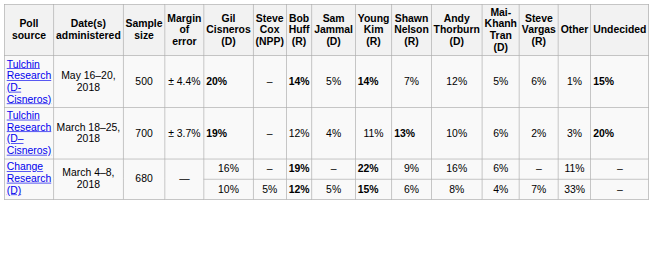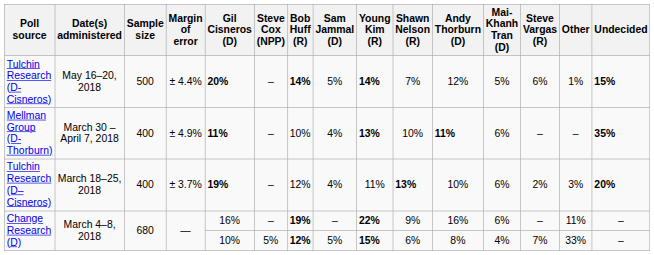 <table class="wikitable">
 <tr>
 <th>Poll source</th>
 <th>Date(s)<br>administered</th>
 <th>Sample<br>size</th>
 <th>Margin of<br>error</th>
 <th style="width:45px">Gil<br>Cisneros<br>(D)</th>
 <th style="width:45px">Steve<br>Cox<br>(NPP)</th>
 <th style="width:45px">Bob<br>Huff<br>(R)</th>
 <th style="width:45px">Sam<br>Jammal<br>(D)</th>
 <th style="width:45px">Young<br>Kim<br>(R)</th>
 <th style="width:45px">Shawn<br>Nelson<br>(R)</th>
 <th style="width:45px">Andy<br>Thorburn<br>(D)</th>
 <th style="width:45px">Mai-Khanh<br>Tran<br>(D)</th>
 <th style="width:45px">Steve<br>Vargas<br>(R)</th>
 <th>Other</th>
 <th>Undecided</th>
 </tr>
 <tr>
 <td><a href='#'>Tulchin Research (D-Cisneros)</a></td>
 <td style="text-align:center">May 16–20, 2018</td>
 <td style="text-align:center">500</td>
 <td style="text-align:center">± 4.4%</td>
 <td style="background-color:"><strong>20%</strong></td>
 <td style="text-align:center">–</td>
 <td style="background-color:"><strong>14%</strong></td>
 <td style="text-align:center">5%</td>
 <td style="background-color:"><strong>14%</strong></td>
 <td style="text-align:center">7%</td>
 <td style="text-align:center">12%</td>
 <td style="text-align:center">5%</td>
 <td style="text-align:center">6%</td>
 <td style="text-align:center">1%</td>
 <td><strong>15%</strong></td>
 </tr>
 <tr>
+<td><a href='#'>Mellman Group (D-Thorburn)</a></td>
+<td style="text-align:center">March 30 – April 7, 2018</td>
+<td style="text-align:center">400</td>
+<td style="text-align:center">± 4.9%</td>
+<td style="background-color:"><strong>11%</strong></td>
+<td style="text-align:center">–</td>
+<td style="text-align:center">10%</td>
+<td style="text-align:center">4%</td>
+<td style="background-color:"><strong>13%</strong></td>
+<td style="text-align:center">10%</td>
+<td style="background-color:"><strong>11%</strong></td>
+<td style="text-align:center">6%</td>
+<td style="text-align:center">–</td>
+<td style="text-align:center">–</td>
+<td><strong>35%</strong></td>
+</tr>
+<tr>
 <td><a href='#'>Tulchin Research (D–Cisneros)</a></td>
 <td style="text-align:center">March 18–25, 2018</td>
-<td style="text-align:center">700</td>
+<td style="text-align:center">400</td>
 <td style="text-align:center">± 3.7%</td>
 <td style="background-color:"><strong>19%</strong></td>
 <td style="text-align:center">–</td>
 <td style="text-align:center">12%</td>
 <td style="text-align:center">4%</td>
 <td style="text-align:center">11%</td>
 <td style="background-color:"><strong>13%</strong></td>
 <td style="text-align:center">10%</td>
 <td style="text-align:center">6%</td>
 <td style="text-align:center">2%</td>
 <td style="text-align:center">3%</td>
 <td><strong>20%</strong></td>
 </tr>
 <tr>
 <td rowspan=2><a href='#'>Change Research (D)</a></td>
 <td rowspan=2; style="text-align:center">March 4–8, 2018</td>
 <td rowspan=2; style="text-align:center">680</td>
 <td rowspan=2; style="text-align:center">—</td>
 <td style="text-align:center">16%</td>
 <td style="text-align:center">–</td>
 <td style="background-color:"><strong>19%</strong></td>
 <td style="text-align:center">–</td>
 <td style="background-color:"><strong>22%</strong></td>
 <td style="text-align:center">9%</td>
 <td style="text-align:center">16%</td>
 <td style="text-align:center">6%</td>
 <td style="text-align:center">–</td>
 <td style="text-align:center">11%</td>
 <td style="text-align:center">–</td>
 </tr>
 <tr>
 <td style="text-align:center">10%</td>
 <td style="text-align:center">5%</td>
 <td style="background-color:"><strong>12%</strong></td>
 <td style="text-align:center">5%</td>
 <td style="background-color:"><strong>15%</strong></td>
 <td style="text-align:center">6%</td>
 <td style="text-align:center">8%</td>
 <td style="text-align:center">4%</td>
 <td style="text-align:center">7%</td>
 <td style="text-align:center">33%</td>
 <td style="text-align:center">–</td>
 </tr>
 </table>
